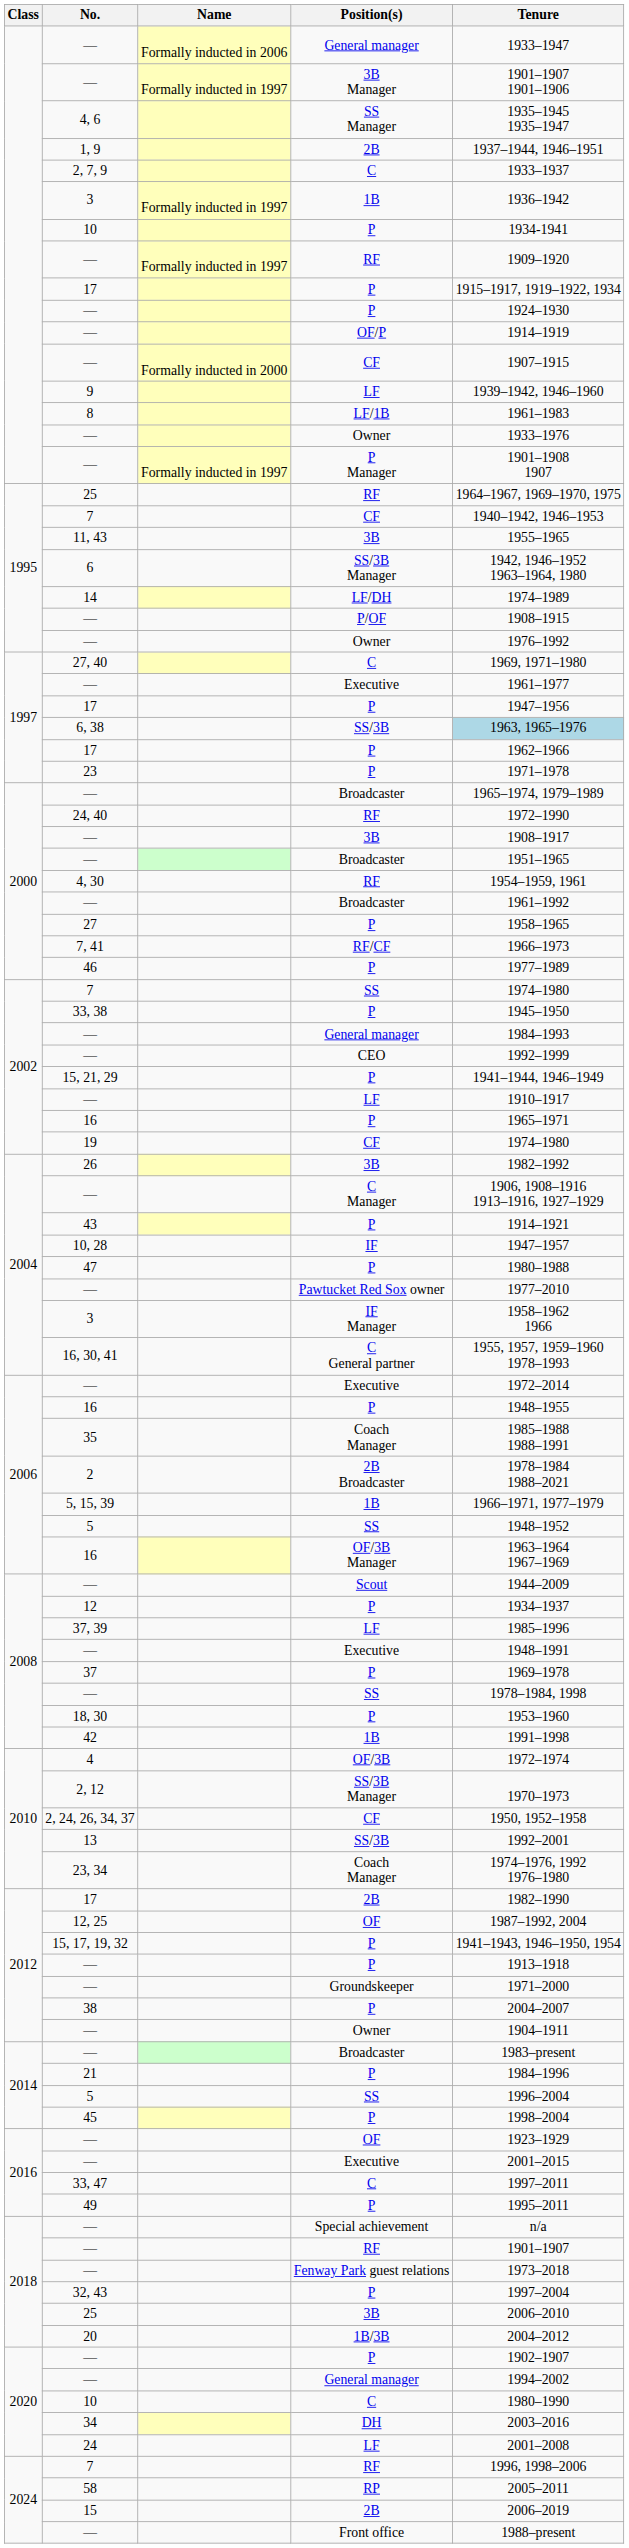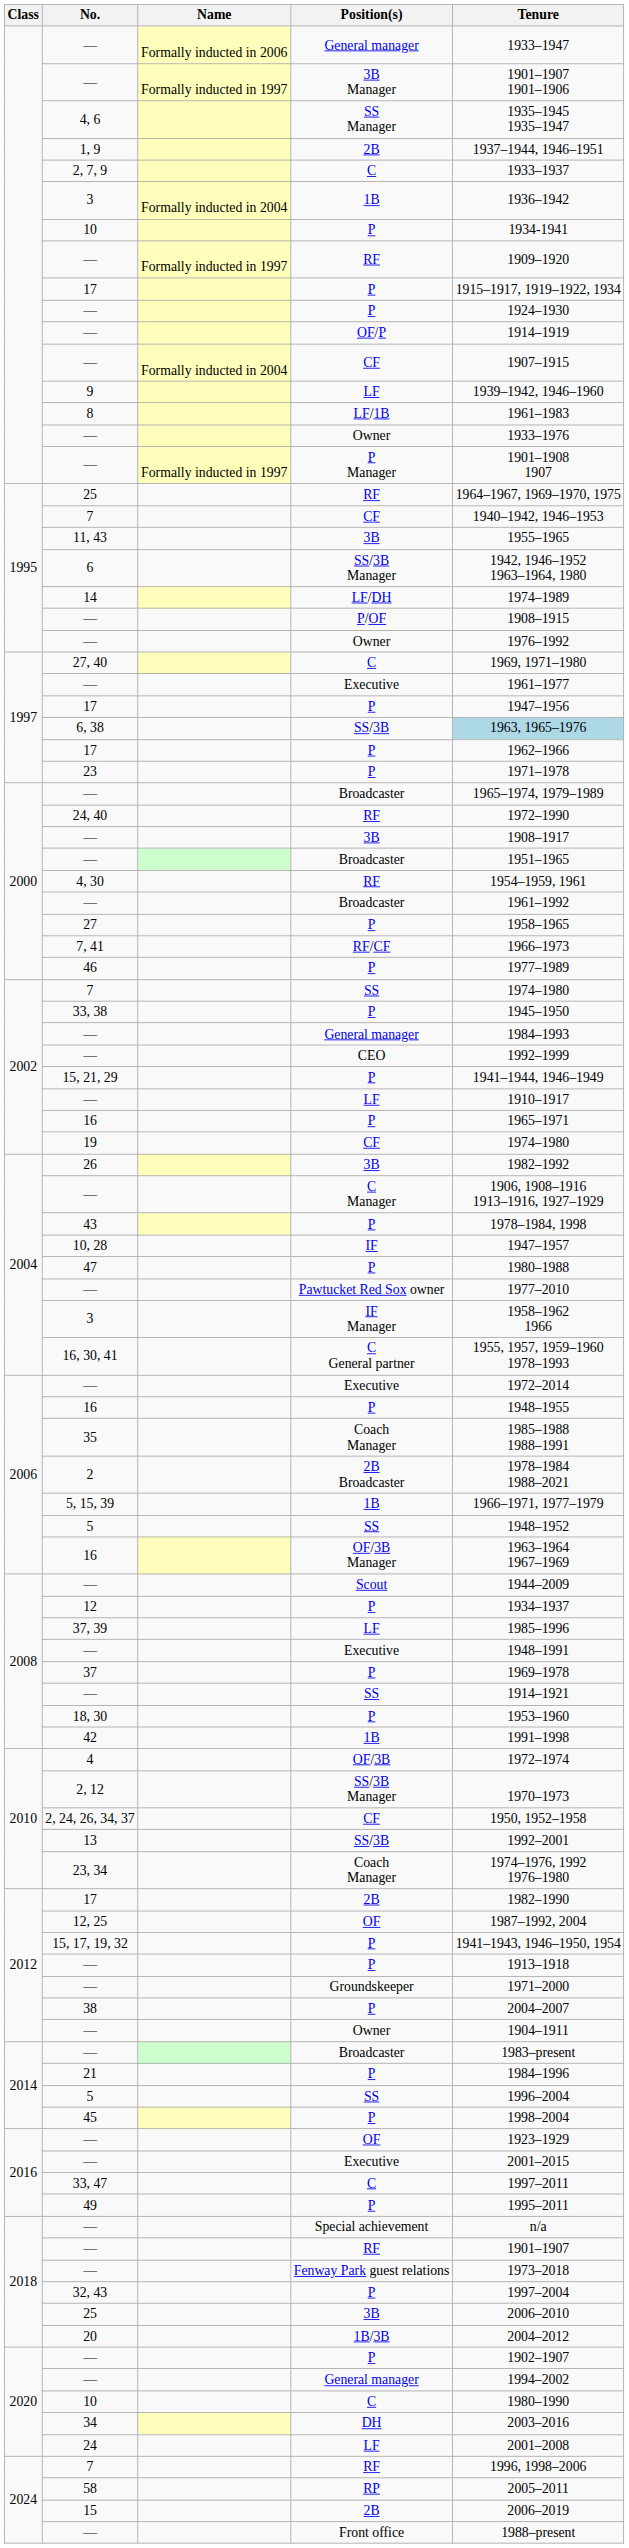 <table class="wikitable sortable" style="text-align:center">
 <tr>
 <th scope="col">Class</th>
 <th scope="col">No.</th>
 <th scope="col">Name</th>
 <th scope="col">Position(s)</th>
 <th scope="col">Tenure</th>
 </tr>
 <tr>
 <td rowspan="16"></td>
 <td>—</td>
 <td style="background:#ffb;"><strong></strong><br>Formally inducted in 2006</td>
 <td><a href='#'>General manager</a></td>
 <td>1933–1947</td>
 </tr>
 <tr>
 <td>—</td>
 <td style="background:#ffb;"><strong></strong><br>Formally inducted in 1997</td>
 <td><a href='#'>3B</a><br>Manager</td>
 <td>1901–1907<br>1901–1906</td>
 </tr>
 <tr>
 <td>4, 6</td>
 <td style="background:#ffb;"><strong></strong></td>
 <td><a href='#'>SS</a><br>Manager</td>
 <td>1935–1945<br>1935–1947</td>
 </tr>
 <tr>
 <td>1, 9</td>
 <td style="background:#ffb;"><strong></strong></td>
 <td><a href='#'>2B</a></td>
 <td>1937–1944, 1946–1951</td>
 </tr>
 <tr>
 <td>2, 7, 9</td>
 <td style="background:#ffb;"><strong></strong></td>
 <td><a href='#'>C</a></td>
 <td>1933–1937</td>
 </tr>
 <tr>
 <td>3</td>
-<td style="background:#ffb;"><strong></strong><br>Formally inducted in 1997</td>
+<td style="background:#ffb;"><strong></strong><br>Formally inducted in 2004</td>
 <td><a href='#'>1B</a></td>
 <td>1936–1942</td>
 </tr>
 <tr>
 <td>10</td>
 <td style="background:#ffb;"><strong></strong></td>
 <td><a href='#'>P</a></td>
 <td>1934-1941</td>
 </tr>
 <tr>
 <td>—</td>
 <td style="background:#ffb;"><strong></strong><br>Formally inducted in 1997</td>
 <td><a href='#'>RF</a></td>
 <td>1909–1920</td>
 </tr>
 <tr>
 <td>17</td>
 <td style="background:#ffb;"><strong></strong></td>
 <td><a href='#'>P</a></td>
 <td>1915–1917, 1919–1922, 1934</td>
 </tr>
 <tr>
 <td>—</td>
 <td style="background:#ffb;"><strong></strong></td>
 <td><a href='#'>P</a></td>
 <td>1924–1930</td>
 </tr>
 <tr>
 <td>—</td>
 <td style="background:#ffb;"><strong></strong></td>
 <td><a href='#'>OF</a>/<a href='#'>P</a></td>
 <td>1914–1919</td>
 </tr>
 <tr>
 <td>—</td>
-<td style="background:#ffb;"><strong></strong><br>Formally inducted in 2000</td>
+<td style="background:#ffb;"><strong></strong><br>Formally inducted in 2004</td>
 <td><a href='#'>CF</a></td>
 <td>1907–1915</td>
 </tr>
 <tr>
 <td>9</td>
 <td style="background:#ffb;"><strong></strong></td>
 <td><a href='#'>LF</a></td>
 <td>1939–1942, 1946–1960</td>
 </tr>
 <tr>
 <td>8</td>
 <td style="background:#ffb;"><strong></strong></td>
 <td><a href='#'>LF</a>/<a href='#'>1B</a></td>
 <td>1961–1983</td>
 </tr>
 <tr>
 <td>—</td>
 <td style="background:#ffb;"><strong></strong></td>
 <td>Owner</td>
 <td>1933–1976</td>
 </tr>
 <tr 1951>
 <td>—</td>
 <td style="background:#ffb;"><strong></strong><br>Formally inducted in 1997</td>
 <td><a href='#'>P</a><br>Manager</td>
 <td>1901–1908<br>1907</td>
 </tr>
 <tr>
 <td rowspan="7">1995</td>
 <td>25</td>
 <td></td>
 <td><a href='#'>RF</a></td>
 <td>1964–1967, 1969–1970, 1975</td>
 </tr>
 <tr>
 <td>7</td>
 <td></td>
 <td><a href='#'>CF</a></td>
 <td>1940–1942, 1946–1953</td>
 </tr>
 <tr>
 <td>11, 43</td>
 <td></td>
 <td><a href='#'>3B</a></td>
 <td>1955–1965</td>
 </tr>
 <tr>
 <td>6</td>
 <td></td>
 <td><a href='#'>SS</a>/<a href='#'>3B</a><br>Manager</td>
 <td>1942, 1946–1952<br>1963–1964, 1980</td>
 </tr>
 <tr>
 <td>14</td>
 <td style="background:#ffb;"><strong></strong></td>
 <td><a href='#'>LF</a>/<a href='#'>DH</a></td>
 <td>1974–1989</td>
 </tr>
 <tr>
 <td>—</td>
 <td></td>
 <td><a href='#'>P</a>/<a href='#'>OF</a></td>
 <td>1908–1915</td>
 </tr>
 <tr>
 <td>—</td>
 <td></td>
 <td>Owner</td>
 <td>1976–1992</td>
 </tr>
 <tr>
 <td rowspan="6">1997</td>
 <td>27, 40</td>
 <td style="background:#ffb;"><strong></strong></td>
 <td><a href='#'>C</a></td>
 <td>1969, 1971–1980</td>
 </tr>
 <tr>
 <td>—</td>
 <td></td>
 <td>Executive</td>
 <td>1961–1977</td>
 </tr>
 <tr>
 <td>17</td>
 <td></td>
 <td><a href='#'>P</a></td>
 <td>1947–1956</td>
 </tr>
 <tr>
 <td>6, 38</td>
 <td></td>
 <td><a href='#'>SS</a>/<a href='#'>3B</a></td>
 <td style="background: lightblue;">1963, 1965–1976</td>
 </tr>
 <tr>
 <td>17</td>
 <td></td>
 <td><a href='#'>P</a></td>
 <td>1962–1966</td>
 </tr>
 <tr>
 <td>23</td>
 <td></td>
 <td><a href='#'>P</a></td>
 <td>1971–1978</td>
 </tr>
 <tr>
 <td rowspan="9">2000</td>
 <td>—</td>
 <td></td>
 <td>Broadcaster</td>
 <td>1965–1974, 1979–1989</td>
 </tr>
 <tr>
 <td>24, 40</td>
 <td></td>
 <td><a href='#'>RF</a></td>
 <td>1972–1990</td>
 </tr>
 <tr>
 <td>—</td>
 <td></td>
 <td><a href='#'>3B</a></td>
 <td>1908–1917</td>
 </tr>
 <tr>
 <td>—</td>
 <td style="background:#cfc;"><strong></strong></td>
 <td>Broadcaster</td>
 <td>1951–1965</td>
 </tr>
 <tr>
 <td>4, 30</td>
 <td></td>
 <td><a href='#'>RF</a></td>
 <td>1954–1959, 1961</td>
 </tr>
 <tr>
 <td>—</td>
 <td></td>
 <td>Broadcaster</td>
 <td>1961–1992</td>
 </tr>
 <tr>
 <td>27</td>
 <td></td>
 <td><a href='#'>P</a></td>
 <td>1958–1965</td>
 </tr>
 <tr>
 <td>7, 41</td>
 <td></td>
 <td><a href='#'>RF</a>/<a href='#'>CF</a></td>
 <td>1966–1973</td>
 </tr>
 <tr>
 <td>46</td>
 <td></td>
 <td><a href='#'>P</a></td>
 <td>1977–1989</td>
 </tr>
 <tr>
 <td rowspan="8">2002</td>
 <td>7</td>
 <td></td>
 <td><a href='#'>SS</a></td>
 <td>1974–1980</td>
 </tr>
 <tr>
 <td>33, 38</td>
 <td></td>
 <td><a href='#'>P</a></td>
 <td>1945–1950</td>
 </tr>
 <tr>
 <td>—</td>
 <td></td>
 <td><a href='#'>General manager</a></td>
 <td>1984–1993</td>
 </tr>
 <tr>
 <td>—</td>
 <td></td>
 <td>CEO</td>
 <td>1992–1999</td>
 </tr>
 <tr>
 <td>15, 21, 29</td>
 <td></td>
 <td><a href='#'>P</a></td>
 <td>1941–1944, 1946–1949</td>
 </tr>
 <tr>
 <td>—</td>
 <td></td>
 <td><a href='#'>LF</a></td>
 <td>1910–1917</td>
 </tr>
 <tr>
 <td>16</td>
 <td></td>
 <td><a href='#'>P</a></td>
 <td>1965–1971</td>
 </tr>
 <tr>
 <td>19</td>
 <td></td>
 <td><a href='#'>CF</a></td>
 <td>1974–1980</td>
 </tr>
 <tr>
 <td rowspan="8">2004</td>
 <td>26</td>
 <td style="background:#ffb;"><strong></strong></td>
 <td><a href='#'>3B</a></td>
 <td>1982–1992</td>
 </tr>
 <tr>
 <td>—</td>
 <td></td>
 <td><a href='#'>C</a><br>Manager</td>
 <td>1906, 1908–1916<br>1913–1916, 1927–1929</td>
 </tr>
 <tr>
 <td>43</td>
 <td style="background:#ffb;"><strong></strong></td>
 <td><a href='#'>P</a></td>
-<td>1914–1921</td>
+<td>1978–1984, 1998</td>
 </tr>
 <tr>
 <td>10, 28</td>
 <td></td>
 <td><a href='#'>IF</a></td>
 <td>1947–1957</td>
 </tr>
 <tr>
 <td>47</td>
 <td></td>
 <td><a href='#'>P</a></td>
 <td>1980–1988</td>
 </tr>
 <tr>
 <td>—</td>
 <td></td>
 <td><a href='#'>Pawtucket Red Sox</a> owner</td>
 <td>1977–2010</td>
 </tr>
 <tr>
 <td>3</td>
 <td></td>
 <td><a href='#'>IF</a><br>Manager</td>
 <td>1958–1962<br>1966</td>
 </tr>
 <tr>
 <td>16, 30, 41</td>
 <td></td>
 <td><a href='#'>C</a><br>General partner</td>
 <td>1955, 1957, 1959–1960<br>1978–1993</td>
 </tr>
 <tr>
 <td rowspan="7">2006</td>
 <td>—</td>
 <td></td>
 <td>Executive</td>
 <td>1972–2014</td>
 </tr>
 <tr>
 <td>16</td>
 <td></td>
 <td><a href='#'>P</a></td>
 <td>1948–1955</td>
 </tr>
 <tr>
 <td>35</td>
 <td></td>
 <td>Coach<br>Manager</td>
 <td>1985–1988<br>1988–1991</td>
 </tr>
 <tr>
 <td>2</td>
 <td></td>
 <td><a href='#'>2B</a><br>Broadcaster</td>
 <td>1978–1984<br>1988–2021</td>
 </tr>
 <tr>
 <td>5, 15, 39</td>
 <td></td>
 <td><a href='#'>1B</a></td>
 <td>1966–1971, 1977–1979</td>
 </tr>
 <tr>
 <td>5</td>
 <td></td>
 <td><a href='#'>SS</a></td>
 <td>1948–1952</td>
 </tr>
 <tr>
 <td>16</td>
 <td style="background:#ffb;"><strong></strong></td>
 <td><a href='#'>OF</a>/<a href='#'>3B</a><br>Manager</td>
 <td>1963–1964<br>1967–1969</td>
 </tr>
 <tr>
 <td rowspan="8">2008</td>
 <td>—</td>
 <td></td>
 <td><a href='#'>Scout</a></td>
 <td>1944–2009</td>
 </tr>
 <tr>
 <td>12</td>
 <td></td>
 <td><a href='#'>P</a></td>
 <td>1934–1937</td>
 </tr>
 <tr>
 <td>37, 39</td>
 <td></td>
 <td><a href='#'>LF</a></td>
 <td>1985–1996</td>
 </tr>
 <tr>
 <td>—</td>
 <td></td>
 <td>Executive</td>
 <td>1948–1991</td>
 </tr>
 <tr>
 <td>37</td>
 <td></td>
 <td><a href='#'>P</a></td>
 <td>1969–1978</td>
 </tr>
 <tr>
 <td>—</td>
 <td></td>
 <td><a href='#'>SS</a></td>
-<td>1978–1984, 1998</td>
+<td>1914–1921</td>
 </tr>
 <tr>
 <td>18, 30</td>
 <td></td>
 <td><a href='#'>P</a></td>
 <td>1953–1960</td>
 </tr>
 <tr>
 <td>42</td>
 <td></td>
 <td><a href='#'>1B</a></td>
 <td>1991–1998</td>
 </tr>
 <tr>
 <td rowspan="5">2010</td>
 <td>4</td>
 <td></td>
 <td><a href='#'>OF</a>/<a href='#'>3B</a></td>
 <td>1972–1974</td>
 </tr>
 <tr>
 <td>2, 12</td>
 <td></td>
 <td><a href='#'>SS</a>/<a href='#'>3B</a><br>Manager</td>
 <td><br>1970–1973</td>
 </tr>
 <tr>
 <td>2, 24, 26, 34, 37</td>
 <td></td>
 <td><a href='#'>CF</a></td>
 <td>1950, 1952–1958</td>
 </tr>
 <tr>
 <td>13</td>
 <td></td>
 <td><a href='#'>SS</a>/<a href='#'>3B</a></td>
 <td>1992–2001</td>
 </tr>
 <tr>
 <td>23, 34</td>
 <td></td>
 <td>Coach<br>Manager</td>
 <td>1974–1976, 1992<br>1976–1980</td>
 </tr>
 <tr>
 <td rowspan="7">2012</td>
 <td>17</td>
 <td></td>
 <td><a href='#'>2B</a></td>
 <td>1982–1990</td>
 </tr>
 <tr>
 <td>12, 25</td>
 <td></td>
 <td><a href='#'>OF</a></td>
 <td>1987–1992, 2004</td>
 </tr>
 <tr>
 <td>15, 17, 19, 32</td>
 <td></td>
 <td><a href='#'>P</a></td>
 <td>1941–1943, 1946–1950, 1954</td>
 </tr>
 <tr>
 <td>—</td>
 <td></td>
 <td><a href='#'>P</a></td>
 <td>1913–1918</td>
 </tr>
 <tr>
 <td>—</td>
 <td></td>
 <td>Groundskeeper</td>
 <td>1971–2000</td>
 </tr>
 <tr>
 <td>38</td>
 <td></td>
 <td><a href='#'>P</a></td>
 <td>2004–2007</td>
 </tr>
 <tr>
 <td>—</td>
 <td></td>
 <td>Owner</td>
 <td>1904–1911</td>
 </tr>
 <tr>
 <td rowspan="4">2014</td>
 <td>—</td>
 <td style="background:#cfc;"><strong></strong></td>
 <td>Broadcaster</td>
 <td>1983–present</td>
 </tr>
 <tr>
 <td>21</td>
 <td></td>
 <td><a href='#'>P</a></td>
 <td>1984–1996</td>
 </tr>
 <tr>
 <td>5</td>
 <td></td>
 <td><a href='#'>SS</a></td>
 <td>1996–2004</td>
 </tr>
 <tr>
 <td>45</td>
 <td style="background:#ffb;"><strong></strong></td>
 <td><a href='#'>P</a></td>
 <td>1998–2004</td>
 </tr>
 <tr>
 <td rowspan="4">2016</td>
 <td>—</td>
 <td></td>
 <td><a href='#'>OF</a></td>
 <td>1923–1929</td>
 </tr>
 <tr>
 <td>—</td>
 <td></td>
 <td>Executive</td>
 <td>2001–2015</td>
 </tr>
 <tr>
 <td>33, 47</td>
 <td></td>
 <td><a href='#'>C</a></td>
 <td>1997–2011</td>
 </tr>
 <tr>
 <td>49</td>
 <td></td>
 <td><a href='#'>P</a></td>
 <td>1995–2011</td>
 </tr>
 <tr>
 <td rowspan="6">2018</td>
 <td>—</td>
 <td></td>
 <td>Special achievement</td>
 <td>n/a</td>
 </tr>
 <tr>
 <td>—</td>
 <td></td>
 <td><a href='#'>RF</a></td>
 <td>1901–1907</td>
 </tr>
 <tr>
 <td>—</td>
 <td></td>
 <td><a href='#'>Fenway Park</a> guest relations</td>
 <td>1973–2018</td>
 </tr>
 <tr>
 <td>32, 43</td>
 <td></td>
 <td><a href='#'>P</a></td>
 <td>1997–2004</td>
 </tr>
 <tr>
 <td>25</td>
 <td></td>
 <td><a href='#'>3B</a></td>
 <td>2006–2010</td>
 </tr>
 <tr>
 <td>20</td>
 <td></td>
 <td><a href='#'>1B</a>/<a href='#'>3B</a></td>
 <td>2004–2012</td>
 </tr>
 <tr>
 <td rowspan="5">2020</td>
 <td>—</td>
 <td></td>
 <td><a href='#'>P</a></td>
 <td>1902–1907</td>
 </tr>
 <tr>
 <td>—</td>
 <td></td>
 <td><a href='#'>General manager</a></td>
 <td>1994–2002</td>
 </tr>
 <tr>
 <td>10</td>
 <td></td>
 <td><a href='#'>C</a></td>
 <td>1980–1990</td>
 </tr>
 <tr>
 <td>34</td>
 <td style="background:#ffb;"><strong></strong></td>
 <td><a href='#'>DH</a></td>
 <td>2003–2016</td>
 </tr>
 <tr>
 <td>24</td>
 <td></td>
 <td><a href='#'>LF</a></td>
 <td>2001–2008</td>
 </tr>
 <tr>
 <td rowspan="4">2024</td>
 <td>7</td>
 <td></td>
 <td><a href='#'>RF</a></td>
 <td>1996, 1998–2006</td>
 </tr>
 <tr>
 <td>58</td>
 <td></td>
 <td><a href='#'>RP</a></td>
 <td>2005–2011</td>
 </tr>
 <tr>
 <td>15</td>
 <td></td>
 <td><a href='#'>2B</a></td>
 <td>2006–2019</td>
 </tr>
 <tr>
 <td>—</td>
 <td></td>
 <td>Front office</td>
 <td>1988–present</td>
 </tr>
 </table>
